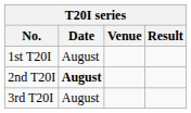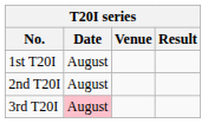 <table class="wikitable">
 <tr>
 <th colspan="4">T20I series</th>
 </tr>
 <tr>
 <th>No.</th>
 <th>Date</th>
 <th>Venue</th>
 <th>Result</th>
 </tr>
 <tr>
 <td>1st T20I</td>
 <td>August</td>
 <td></td>
 <td></td>
 </tr>
 <tr>
 <td>2nd T20I</td>
-<td><strong>August</strong></td>
+<td>August</td>
 <td></td>
 <td></td>
 </tr>
 <tr>
 <td>3rd T20I</td>
-<td>August</td>
+<td style="background: pink;">August</td>
 <td></td>
 <td></td>
 </tr>
 </table>
